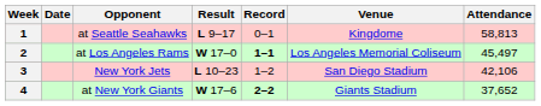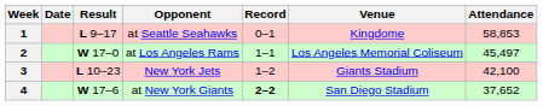 <table class="wikitable" style="text-align:center">
 <tr>
 <th>Week</th>
 <th>Date</th>
+<th>Result</th>
 <th>Opponent</th>
-<th>Result</th>
 <th>Record</th>
 <th>Venue</th>
 <th>Attendance</th>
 </tr>
 <tr style="background: #fcc;">
 <th>1</th>
 <td></td>
+<td><strong>L</strong> 9–17</td>
 <td>at <a href='#'>Seattle Seahawks</a></td>
-<td><strong>L</strong> 9–17</td>
 <td>0–1</td>
 <td><a href='#'>Kingdome</a></td>
-<td>58,813</td>
+<td>58,853</td>
 </tr>
 <tr style="background: #cfc;">
 <th>2</th>
 <td></td>
+<td><strong>W</strong> 17–0</td>
 <td>at <a href='#'>Los Angeles Rams</a></td>
-<td><strong>W</strong> 17–0</td>
-<td><strong>1–1</strong></td>
+<td>1–1</td>
 <td><a href='#'>Los Angeles Memorial Coliseum</a></td>
 <td>45,497</td>
 </tr>
 <tr style="background: #fcc;">
 <th>3</th>
 <td></td>
+<td><strong>L</strong> 10–23</td>
 <td><a href='#'>New York Jets</a></td>
-<td><strong>L</strong> 10–23</td>
 <td>1–2</td>
-<td><a href='#'>San Diego Stadium</a></td>
-<td>42,106</td>
+<td><a href='#'>Giants Stadium</a></td>
+<td>42,100</td>
 </tr>
 <tr style="background: #cfc;">
 <th>4</th>
 <td></td>
+<td><strong>W</strong> 17–6</td>
 <td>at <a href='#'>New York Giants</a></td>
-<td><strong>W</strong> 17–6</td>
 <td><strong>2–2</strong></td>
-<td><a href='#'>Giants Stadium</a></td>
+<td><a href='#'>San Diego Stadium</a></td>
 <td>37,652</td>
 </tr>
 </table>
